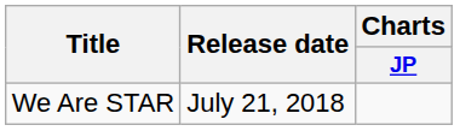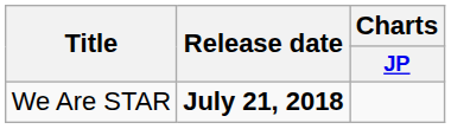 <table class="wikitable">
 <tr>
 <th rowspan="2">Title</th>
 <th rowspan="2">Release date</th>
 <th>Charts</th>
 </tr>
 <tr style="font-size:smaller;">
 <th><a href='#'>JP</a><br></th>
 </tr>
 <tr>
 <td>We Are STAR</td>
-<td>July 21, 2018</td>
+<td><strong>July 21, 2018</strong></td>
 <td></td>
 </tr>
 </table>
